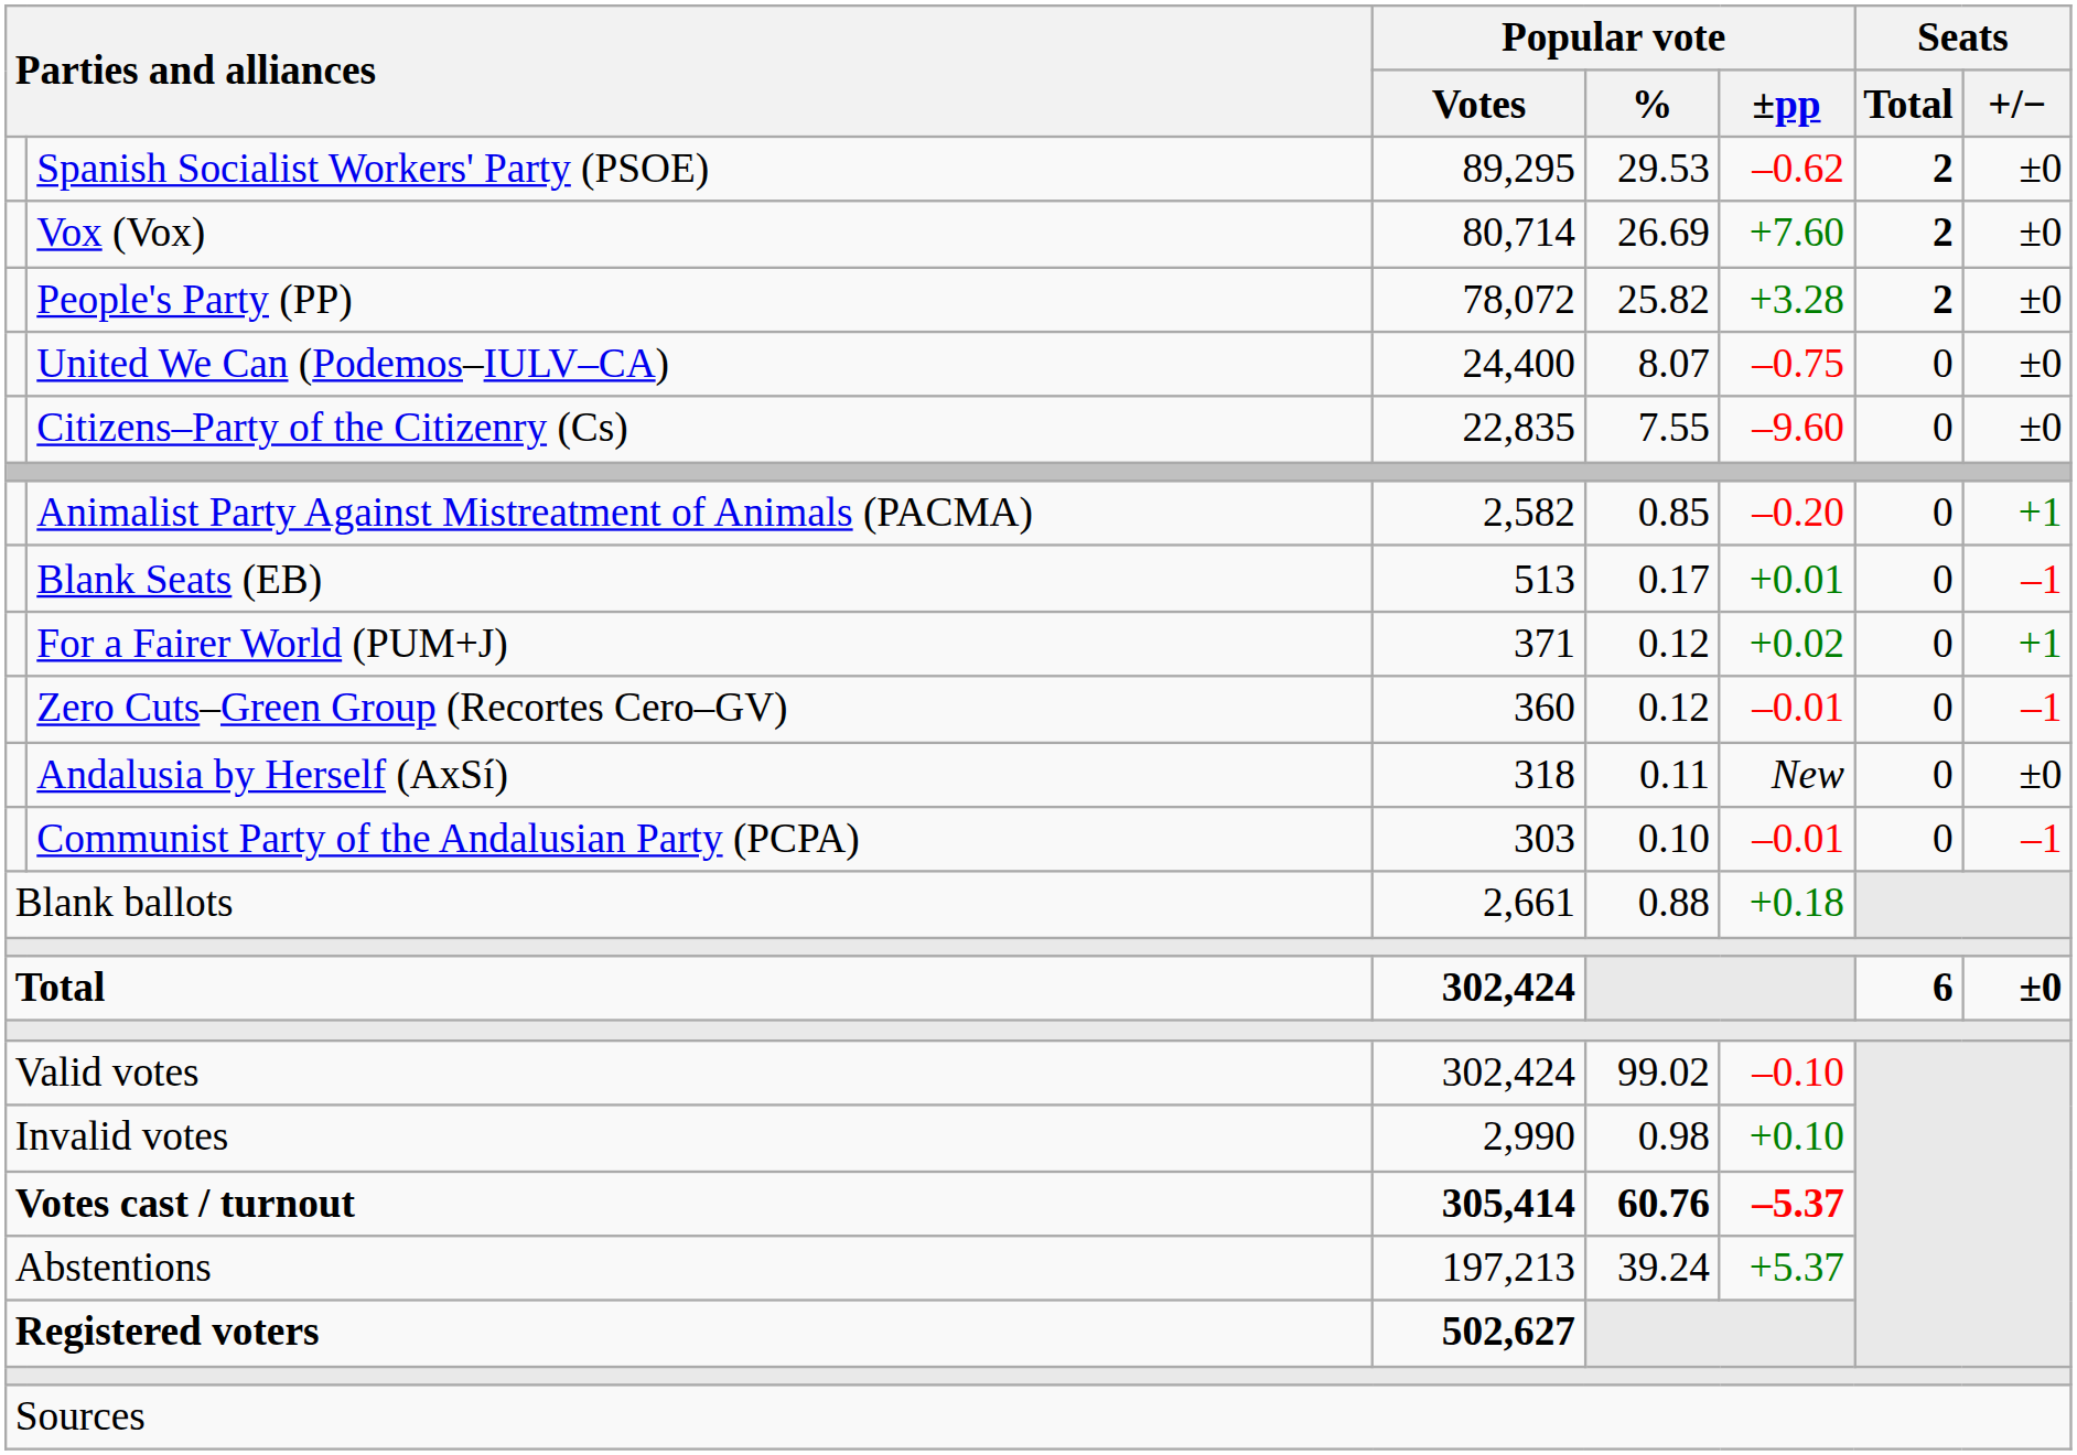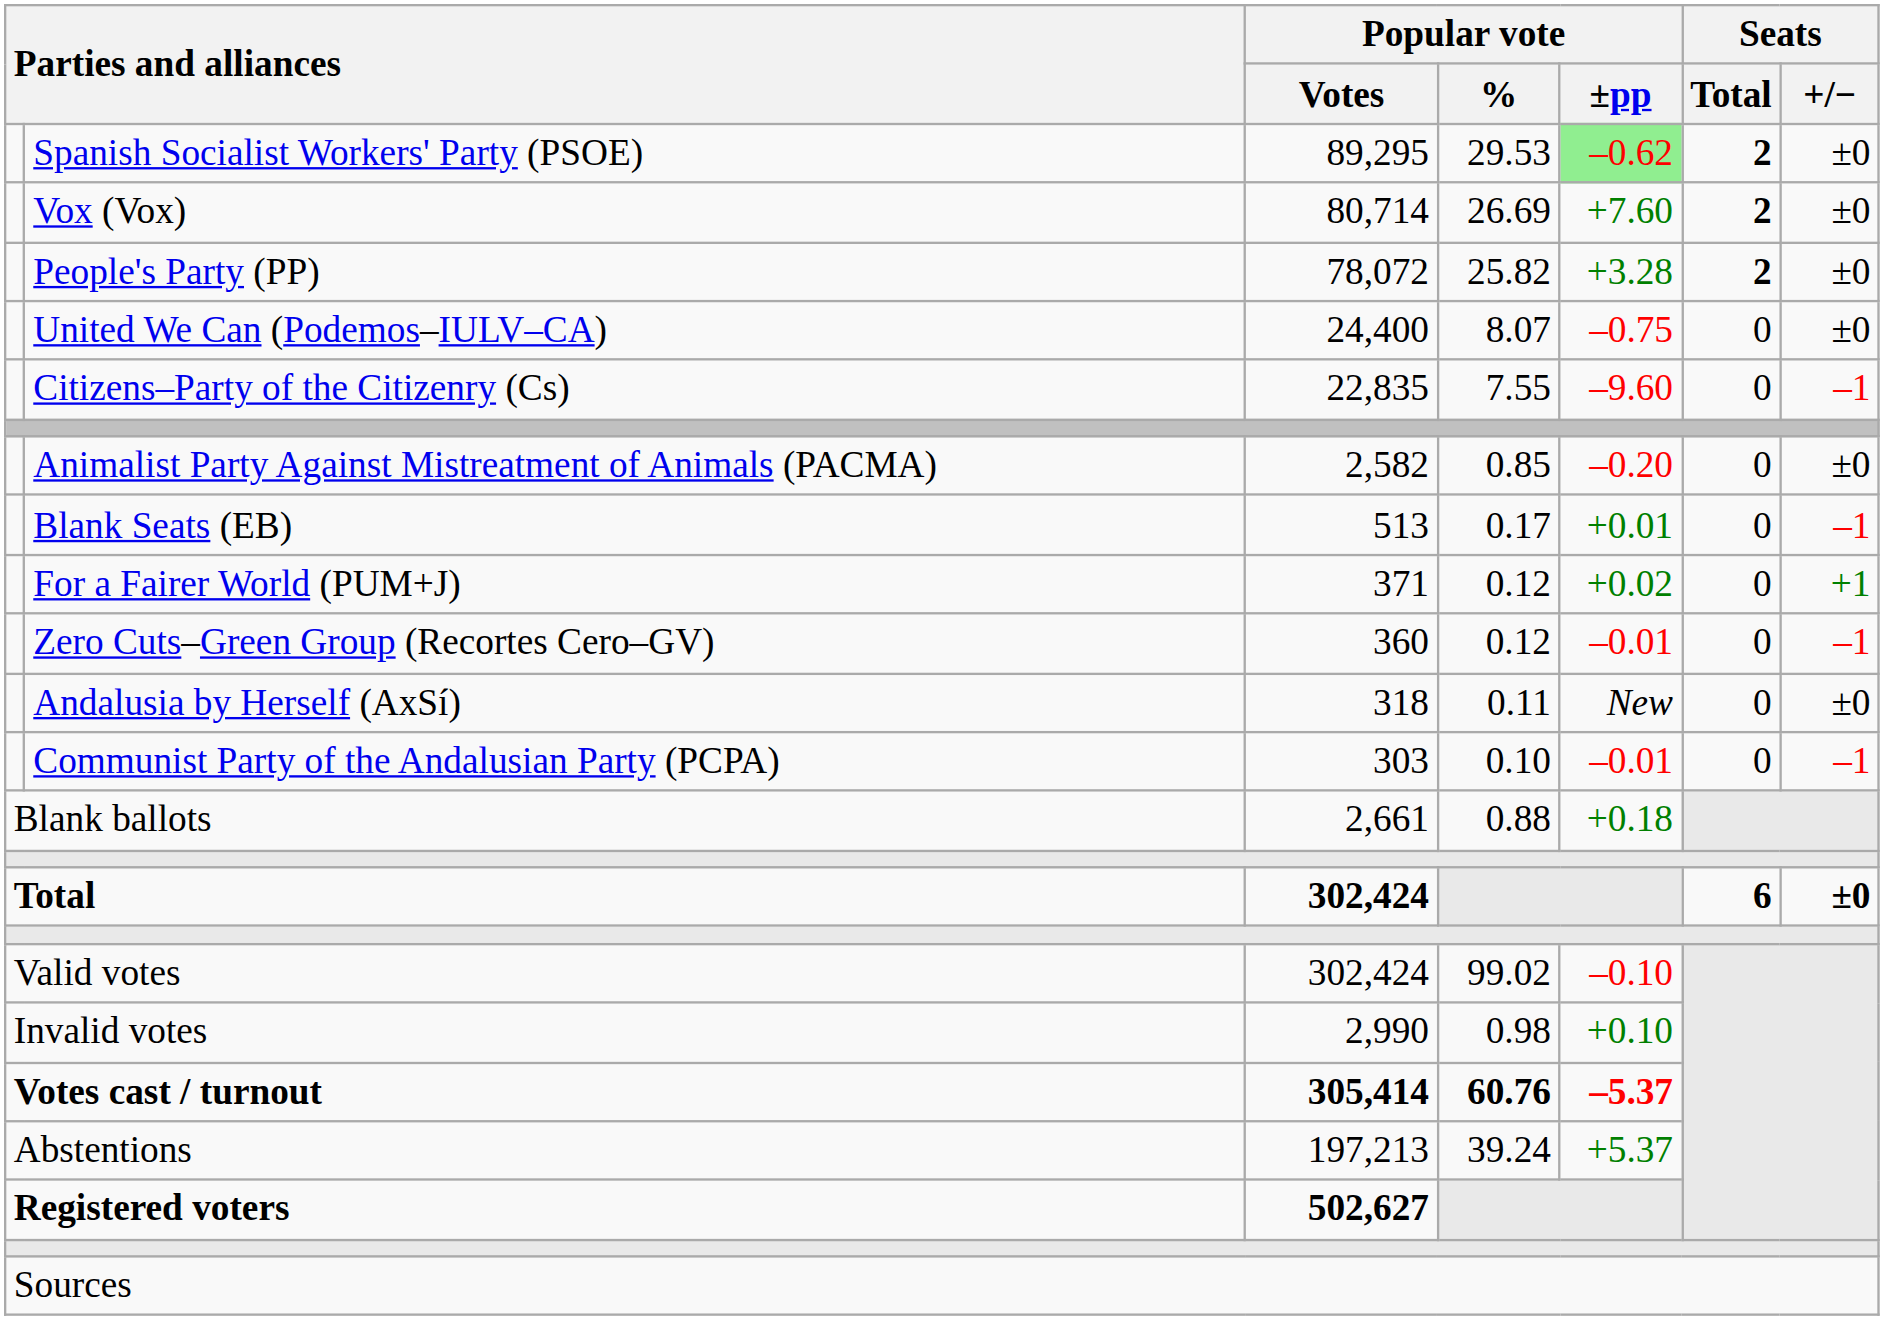 <table class="wikitable" style="text-align:right;">
 <tr>
 <th style="text-align:left;" rowspan="2" colspan="2" width="525">Parties and alliances</th>
 <th colspan="3">Popular vote</th>
 <th colspan="2">Seats</th>
 </tr>
 <tr>
 <th width="75">Votes</th>
 <th width="45">%</th>
 <th width="45">±<a href='#'>pp</a></th>
 <th width="35">Total</th>
 <th width="35">+/−</th>
 </tr>
 <tr>
 <td width="1" style="color:inherit;background:"></td>
 <td align="left"><a href='#'>Spanish Socialist Workers' Party</a> (PSOE)</td>
 <td>89,295</td>
 <td>29.53</td>
-<td style="color:red;">–0.62</td>
+<td style="background: lightgreen; color:red;">–0.62</td>
 <td><strong>2</strong></td>
 <td>±0</td>
 </tr>
 <tr>
 <td style="color:inherit;background:"></td>
 <td align="left"><a href='#'>Vox</a> (Vox)</td>
 <td>80,714</td>
 <td>26.69</td>
 <td style="color:green;">+7.60</td>
 <td><strong>2</strong></td>
 <td>±0</td>
 </tr>
 <tr>
 <td style="color:inherit;background:"></td>
 <td align="left"><a href='#'>People's Party</a> (PP)</td>
 <td>78,072</td>
 <td>25.82</td>
 <td style="color:green;">+3.28</td>
 <td><strong>2</strong></td>
 <td>±0</td>
 </tr>
 <tr>
 <td style="color:inherit;background:"></td>
 <td align="left"><a href='#'>United We Can</a> (<a href='#'>Podemos</a>–<a href='#'>IULV–CA</a>)</td>
 <td>24,400</td>
 <td>8.07</td>
 <td style="color:red;">–0.75</td>
 <td>0</td>
 <td>±0</td>
 </tr>
 <tr>
 <td style="color:inherit;background:"></td>
 <td align="left"><a href='#'>Citizens–Party of the Citizenry</a> (Cs)</td>
 <td>22,835</td>
 <td>7.55</td>
 <td style="color:red;">–9.60</td>
 <td>0</td>
-<td>±0</td>
+<td style="color:red;">–1</td>
 </tr>
 <tr>
 <td colspan="7" bgcolor="#C0C0C0"></td>
 </tr>
 <tr>
 <td style="color:inherit;background:"></td>
 <td align="left"><a href='#'>Animalist Party Against Mistreatment of Animals</a> (PACMA)</td>
 <td>2,582</td>
 <td>0.85</td>
 <td style="color:red;">–0.20</td>
 <td>0</td>
-<td style="color:green;">+1</td>
+<td>±0</td>
 </tr>
 <tr>
 <td style="color:inherit;background:"></td>
 <td align="left"><a href='#'>Blank Seats</a> (EB)</td>
 <td>513</td>
 <td>0.17</td>
 <td style="color:green;">+0.01</td>
 <td>0</td>
 <td style="color:red;">–1</td>
 </tr>
 <tr>
 <td style="color:inherit;background:"></td>
 <td align="left"><a href='#'>For a Fairer World</a> (PUM+J)</td>
 <td>371</td>
 <td>0.12</td>
 <td style="color:green;">+0.02</td>
 <td>0</td>
 <td style="color:green;">+1</td>
 </tr>
 <tr>
 <td style="color:inherit;background:"></td>
 <td align="left"><a href='#'>Zero Cuts</a>–<a href='#'>Green Group</a> (Recortes Cero–GV)</td>
 <td>360</td>
 <td>0.12</td>
 <td style="color:red;">–0.01</td>
 <td>0</td>
 <td style="color:red;">–1</td>
 </tr>
 <tr>
 <td style="color:inherit;background:"></td>
 <td align="left"><a href='#'>Andalusia by Herself</a> (AxSí)</td>
 <td>318</td>
 <td>0.11</td>
 <td><em>New</em></td>
 <td>0</td>
 <td>±0</td>
 </tr>
 <tr>
 <td style="color:inherit;background:"></td>
 <td align="left"><a href='#'>Communist Party of the Andalusian Party</a> (PCPA)</td>
 <td>303</td>
 <td>0.10</td>
 <td style="color:red;">–0.01</td>
 <td>0</td>
 <td style="color:red;">–1</td>
 </tr>
 <tr>
 <td align="left" colspan="2">Blank ballots</td>
 <td>2,661</td>
 <td>0.88</td>
 <td style="color:green;">+0.18</td>
 <td bgcolor="#E9E9E9" colspan="2"></td>
 </tr>
 <tr>
 <td colspan="7" bgcolor="#E9E9E9"></td>
 </tr>
 <tr style="font-weight:bold;">
 <td align="left" colspan="2">Total</td>
 <td>302,424</td>
 <td bgcolor="#E9E9E9" colspan="2"></td>
 <td>6</td>
 <td>±0</td>
 </tr>
 <tr>
 <td colspan="7" bgcolor="#E9E9E9"></td>
 </tr>
 <tr>
 <td align="left" colspan="2">Valid votes</td>
 <td>302,424</td>
 <td>99.02</td>
 <td style="color:red;">–0.10</td>
 <td bgcolor="#E9E9E9" colspan="2" rowspan="5"></td>
 </tr>
 <tr>
 <td align="left" colspan="2">Invalid votes</td>
 <td>2,990</td>
 <td>0.98</td>
 <td style="color:green;">+0.10</td>
 </tr>
 <tr style="font-weight:bold;">
 <td align="left" colspan="2">Votes cast / turnout</td>
 <td>305,414</td>
 <td>60.76</td>
 <td style="color:red;">–5.37</td>
 </tr>
 <tr>
 <td align="left" colspan="2">Abstentions</td>
 <td>197,213</td>
 <td>39.24</td>
 <td style="color:green;">+5.37</td>
 </tr>
 <tr style="font-weight:bold;">
 <td align="left" colspan="2">Registered voters</td>
 <td>502,627</td>
 <td bgcolor="#E9E9E9" colspan="2"></td>
 </tr>
 <tr>
 <td colspan="7" bgcolor="#E9E9E9"></td>
 </tr>
 <tr>
 <td align="left" colspan="7">Sources</td>
 </tr>
 </table>
